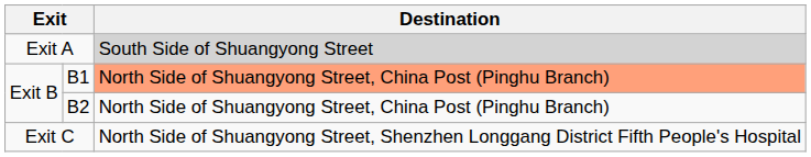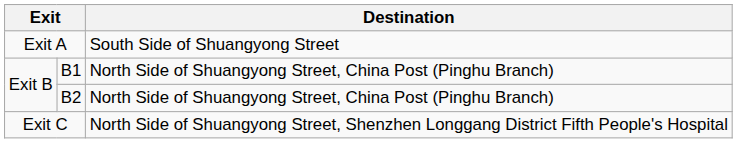 <table class="wikitable">
 <tr>
 <th style="width:70px" colspan="2">Exit</th>
 <th>Destination</th>
 </tr>
 <tr>
 <td align="center" colspan="2">Exit A</td>
-<td style="background: lightgrey;">South Side of Shuangyong Street</td>
+<td>South Side of Shuangyong Street</td>
 </tr>
 <tr>
 <td align="center" rowspan="2">Exit B</td>
 <td>B1</td>
-<td style="background: lightsalmon;">North Side of Shuangyong Street, China Post (Pinghu Branch)</td>
+<td>North Side of Shuangyong Street, China Post (Pinghu Branch)</td>
 </tr>
 <tr>
 <td>B2</td>
 <td>North Side of Shuangyong Street, China Post (Pinghu Branch)</td>
 </tr>
 <tr>
 <td align="center" colspan="2">Exit C</td>
 <td>North Side of Shuangyong Street, Shenzhen Longgang District Fifth People's Hospital</td>
 </tr>
 </table>
